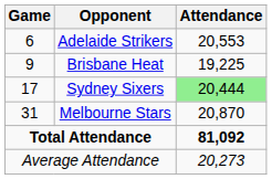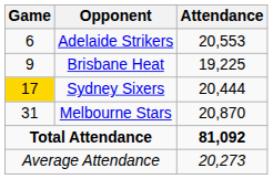 <table class="wikitable sortable" style="text-align:center;">
 <tr>
 <th>Game</th>
 <th>Opponent</th>
 <th>Attendance</th>
 </tr>
 <tr>
 <td>6</td>
 <td><a href='#'>Adelaide Strikers</a></td>
 <td>20,553</td>
 </tr>
 <tr>
 <td>9</td>
 <td><a href='#'>Brisbane Heat</a></td>
 <td>19,225</td>
 </tr>
 <tr>
-<td>17</td>
+<td style="background: gold;">17</td>
 <td><a href='#'>Sydney Sixers</a></td>
-<td style="background: lightgreen;">20,444</td>
+<td>20,444</td>
 </tr>
 <tr>
 <td>31</td>
 <td><a href='#'>Melbourne Stars</a></td>
 <td>20,870</td>
 </tr>
 <tr class="sortbottom">
 <td colspan="2"><strong>Total Attendance</strong></td>
 <td><strong>81,092</strong></td>
 </tr>
 <tr class="sortbottom">
 <td colspan="2"><em>Average Attendance</em></td>
 <td><em>20,273</em></td>
 </tr>
 </table>
